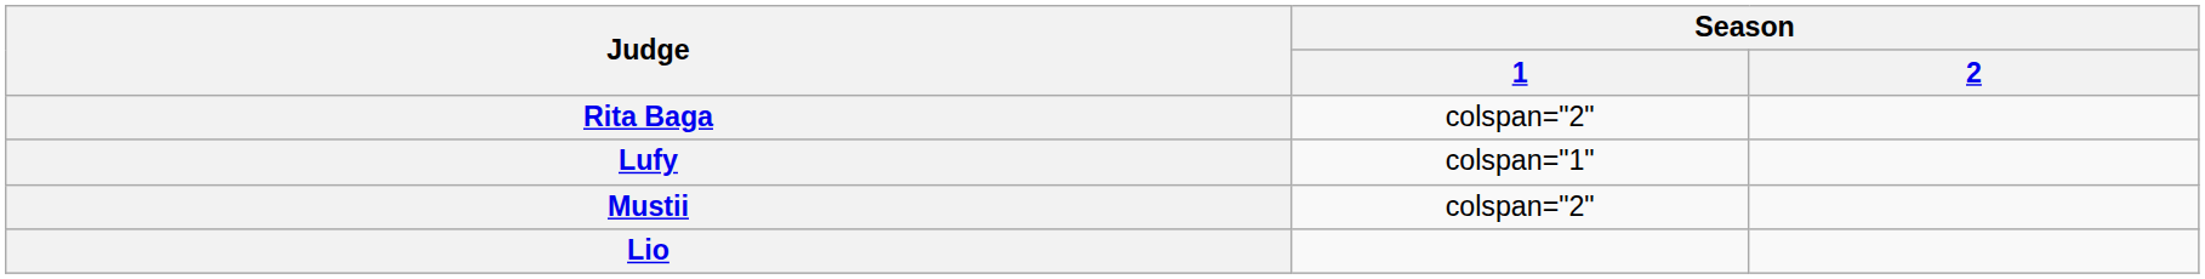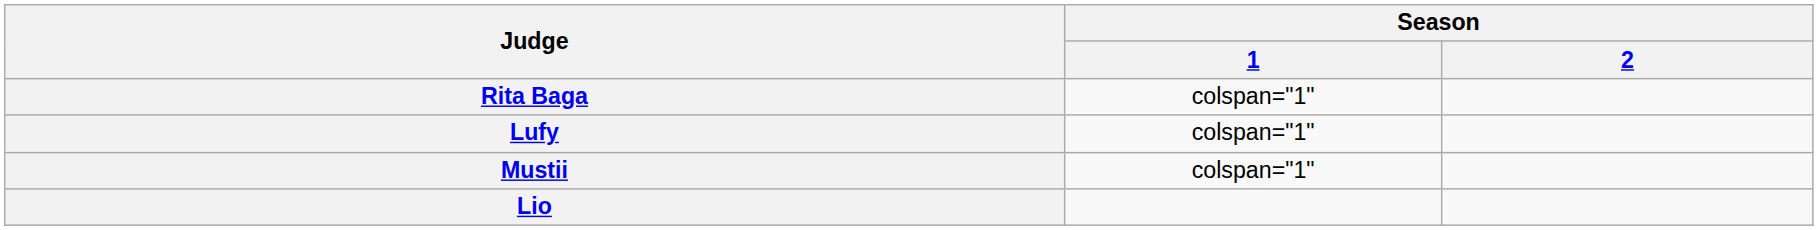 <table class="wikitable plainrowheaders" style="text-align:center">
 <tr>
 <th rowspan="2" style="width:20%;" scope="col">Judge</th>
 <th colspan="2">Season</th>
 </tr>
 <tr>
 <th style="width:7%;" scope="colspan"><a href='#'>1</a></th>
 <th style="width:7%;" scope="colspan"><a href='#'>2</a></th>
 </tr>
 <tr>
 <th scope="row" style="text-align: center;"><a href='#'>Rita Baga</a></th>
-<td>colspan="2" </td>
+<td>colspan="1" </td>
 </tr>
 <tr>
 <th scope="row" style="text-align: center;"><a href='#'>Lufy</a></th>
 <td>colspan="1" </td>
 <td></td>
 </tr>
 <tr>
 <th scope="row" style="text-align: center;"><a href='#'>Mustii</a></th>
-<td>colspan="2" </td>
+<td>colspan="1" </td>
 </tr>
 <tr>
 <th scope="row" style="text-align: center;"><a href='#'>Lio</a></th>
 <td></td>
 <td></td>
 </tr>
 </table>
